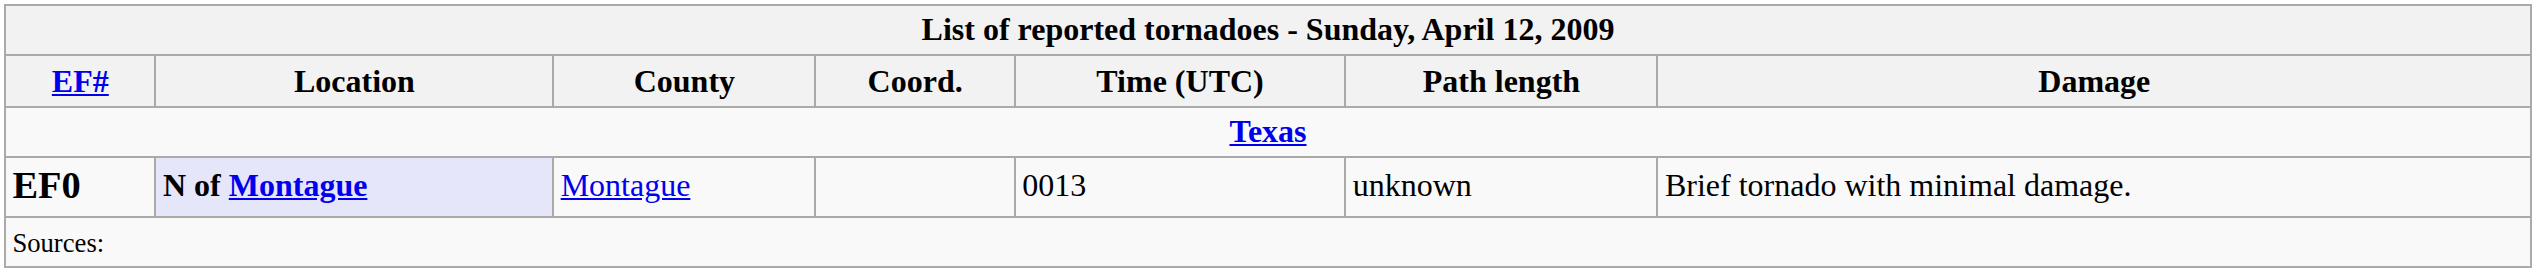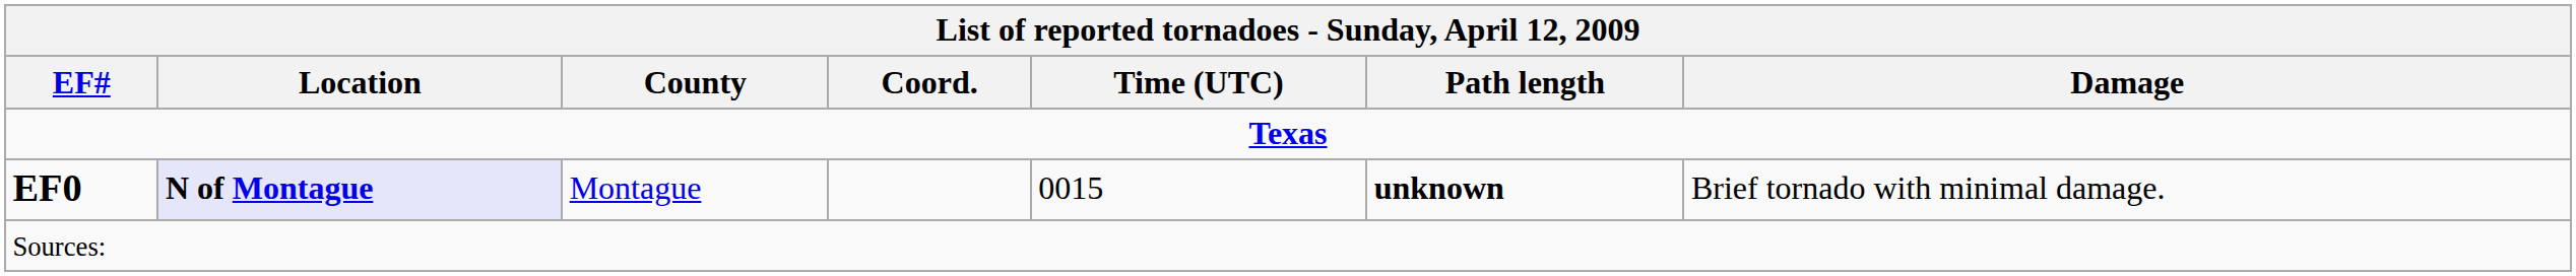 <table class="wikitable collapsible" width="100%">
 <tr>
 <th colspan="7">List of reported tornadoes - Sunday, April 12, 2009</th>
 </tr>
 <tr>
 <th><a href='#'>EF#</a></th>
 <th>Location</th>
 <th>County</th>
 <th>Coord.</th>
 <th>Time (UTC)</th>
 <th>Path length</th>
 <th>Damage</th>
 </tr>
 <tr>
 <td colspan="7" align=center><strong><a href='#'>Texas</a></strong></td>
 </tr>
 <tr>
 <td><big><strong>EF0</strong></big></td>
 <td style="background: lavender;"><strong>N of <a href='#'>Montague</a></strong></td>
 <td><a href='#'>Montague</a></td>
 <td></td>
-<td>0013</td>
-<td>unknown</td>
+<td>0015</td>
+<td><strong>unknown</strong></td>
 <td>Brief tornado with minimal damage.</td>
 </tr>
 <tr>
 <td colspan="7"><small>Sources: </small></td>
 </tr>
 <tr>
 </tr>
 </table>
